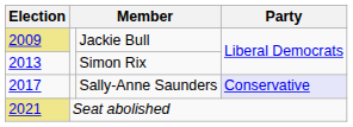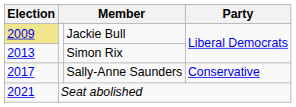 <table class="wikitable">
 <tr>
 <th>Election</th>
 <th colspan="2">Member</th>
 <th>Party</th>
 </tr>
 <tr>
 <td style="background: khaki;"><a href='#'>2009</a></td>
 <td rowspan="2" style="background-color: "></td>
 <td rowspan="1">Jackie Bull</td>
 <td rowspan="2"><a href='#'>Liberal Democrats</a></td>
 </tr>
 <tr>
 <td><a href='#'>2013</a></td>
 <td rowspan="1">Simon Rix</td>
 </tr>
 <tr>
 <td><a href='#'>2017</a></td>
 <td rowspan="1" style="background-color: "></td>
 <td rowspan="1">Sally-Anne Saunders</td>
-<td rowspan="1" style="background: lavender;"><a href='#'>Conservative</a></td>
+<td rowspan="1"><a href='#'>Conservative</a></td>
 </tr>
 <tr>
-<td style="background: khaki;"><a href='#'>2021</a></td>
+<td><a href='#'>2021</a></td>
 <td colspan="3"><em>Seat abolished</em></td>
 </tr>
 </table>
